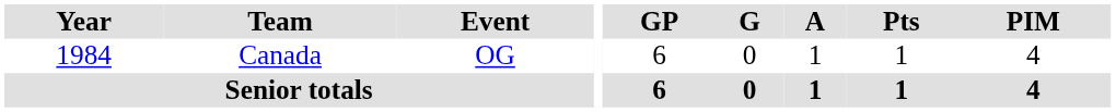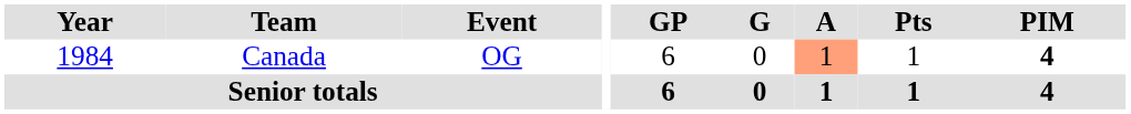 <table border="0" cellpadding="1" cellspacing="0" ID="Table3" style="text-align:center; width:40em">
 <tr bgcolor="#e0e0e0">
 <th>Year</th>
 <th>Team</th>
 <th>Event</th>
 <th rowspan="102" bgcolor="#ffffff"></th>
 <th>GP</th>
 <th>G</th>
 <th>A</th>
 <th>Pts</th>
 <th>PIM</th>
 </tr>
 <tr>
 <td><a href='#'>1984</a></td>
 <td><a href='#'>Canada</a></td>
 <td><a href='#'>OG</a></td>
 <td>6</td>
 <td>0</td>
+<td style="background: lightsalmon;">1</td>
 <td>1</td>
-<td>1</td>
-<td>4</td>
+<td><strong>4</strong></td>
 </tr>
 <tr bgcolor="#e0e0e0">
 <th colspan="3">Senior totals</th>
 <th>6</th>
 <th>0</th>
 <th>1</th>
 <th>1</th>
 <th>4</th>
 </tr>
 </table>
